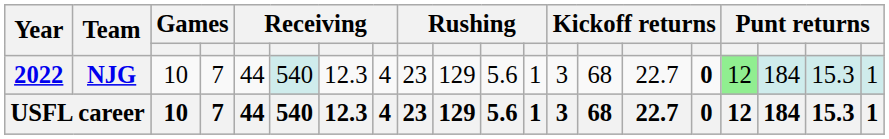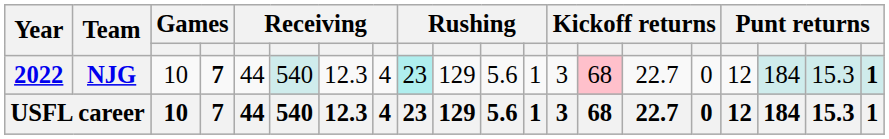 <table class="wikitable" style="text-align: center;">
 <tr>
 <th rowspan="2">Year</th>
 <th rowspan="2">Team</th>
 <th colspan="2">Games</th>
 <th colspan="4">Receiving</th>
 <th colspan="4">Rushing</th>
 <th colspan="4">Kickoff returns</th>
 <th colspan="4">Punt returns</th>
 </tr>
 <tr>
 <th></th>
 <th></th>
 <th></th>
 <th></th>
 <th></th>
 <th></th>
 <th></th>
 <th></th>
 <th></th>
 <th></th>
 <th></th>
 <th></th>
 <th></th>
 <th></th>
 <th></th>
 <th></th>
 <th></th>
 <th></th>
 </tr>
 <tr>
 <th><a href='#'>2022</a></th>
 <th><a href='#'>NJG</a></th>
 <td>10</td>
-<td>7</td>
+<td><strong>7</strong></td>
 <td>44</td>
 <td style="background:#cfecec;">540</td>
 <td>12.3</td>
 <td>4</td>
-<td>23</td>
+<td style="background: paleturquoise;">23</td>
 <td>129</td>
 <td>5.6</td>
 <td>1</td>
 <td>3</td>
-<td>68</td>
+<td style="background: pink;">68</td>
 <td>22.7</td>
-<td><strong>0</strong></td>
-<td style="background: lightgreen;">12</td>
+<td>0</td>
+<td>12</td>
 <td style="background:#cfecec;">184</td>
 <td style="background:#cfecec;">15.3</td>
-<td style="background:#cfecec;">1</td>
+<td style="background:#cfecec;"><strong>1</strong></td>
 </tr>
 <tr>
 <th colspan="2">USFL career</th>
 <th>10</th>
 <th>7</th>
 <th>44</th>
 <th>540</th>
 <th>12.3</th>
 <th>4</th>
 <th>23</th>
 <th>129</th>
 <th>5.6</th>
 <th>1</th>
 <th>3</th>
 <th>68</th>
 <th>22.7</th>
 <th>0</th>
 <th>12</th>
 <th>184</th>
 <th>15.3</th>
 <th>1</th>
 </tr>
 </table>
